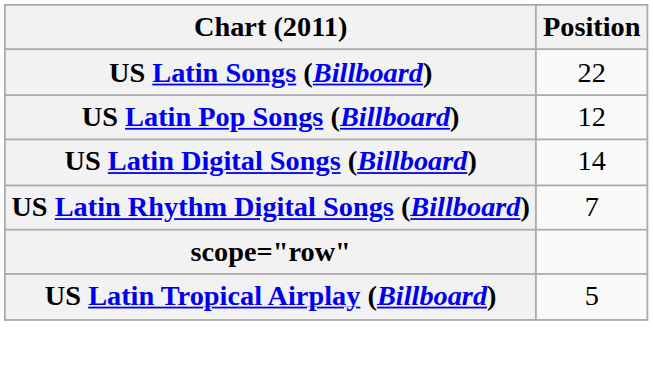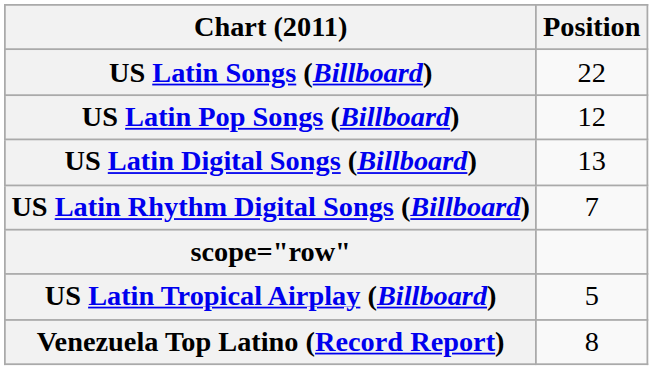 <table class="wikitable plainrowheaders" style="text-align:center;">
 <tr>
 <th scope="col">Chart (2011)</th>
 <th scope="col">Position</th>
 </tr>
 <tr>
 <th scope="row">US <a href='#'>Latin Songs</a> (<em><a href='#'>Billboard</a></em>)</th>
 <td style="text-align:center;">22</td>
 </tr>
 <tr>
 <th scope="row">US <a href='#'>Latin Pop Songs</a> (<em><a href='#'>Billboard</a></em>)</th>
 <td style="text-align:center;">12</td>
 </tr>
 <tr>
 <th scope="row">US <a href='#'>Latin Digital Songs</a> (<em><a href='#'>Billboard</a></em>)</th>
-<td style="text-align:center;">14</td>
+<td style="text-align:center;">13</td>
 </tr>
 <tr>
 <th scope="row">US <a href='#'>Latin Rhythm Digital Songs</a> (<em><a href='#'>Billboard</a></em>)</th>
 <td style="text-align:center;">7</td>
 </tr>
 <tr>
 <th>scope="row"</th>
 </tr>
 <tr>
 <th scope="row">US <a href='#'>Latin Tropical Airplay</a> (<em><a href='#'>Billboard</a></em>)</th>
 <td style="text-align:center;">5</td>
 </tr>
+<tr>
+<th scope="row">Venezuela Top Latino (<a href='#'>Record Report</a>)</th>
+<td style="text-align:center;">8</td>
+</tr>
 </table>
